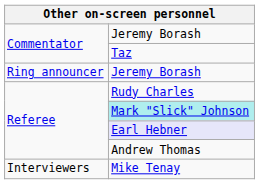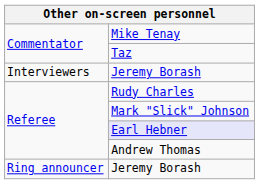 <table align="right" class="wikitable" style="border:1px; font-size:90%; margin-left:1em;">
 <tr>
 <th colspan="2" width="250"><strong>Other on-screen personnel</strong></th>
 </tr>
 <tr>
 <td rowspan=2><a href='#'>Commentator</a></td>
-<td>Jeremy Borash</td>
+<td><a href='#'>Mike Tenay</a></td>
 </tr>
 <tr>
 <td><a href='#'>Taz</a></td>
 </tr>
 <tr>
-<td><a href='#'>Ring announcer</a></td>
+<td rowspan=1>Interviewers</td>
 <td><a href='#'>Jeremy Borash</a></td>
 </tr>
 <tr>
 <td rowspan=4><a href='#'>Referee</a></td>
 <td><a href='#'>Rudy Charles</a></td>
 </tr>
 <tr>
-<td style="background: paleturquoise;"><a href='#'>Mark "Slick" Johnson</a></td>
+<td><a href='#'>Mark "Slick" Johnson</a></td>
 </tr>
 <tr>
 <td style="background: lavender;"><a href='#'>Earl Hebner</a></td>
 </tr>
 <tr>
 <td>Andrew Thomas</td>
 </tr>
 <tr>
-<td rowspan=1>Interviewers</td>
-<td><a href='#'>Mike Tenay</a></td>
+<td><a href='#'>Ring announcer</a></td>
+<td>Jeremy Borash</td>
 </tr>
 <tr>
 </tr>
 </table>
